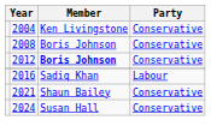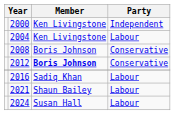 <table class="wikitable">
 <tr>
 <th colspan="2">Year</th>
 <th>Member</th>
 <th>Party</th>
 </tr>
 <tr>
 <td style="background-color: "></td>
+<td><a href='#'>2000</a></td>
+<td><a href='#'>Ken Livingstone</a></td>
+<td><a href='#'>Independent</a></td>
+</tr>
+<tr>
+<td style="background-color: "></td>
 <td><a href='#'>2004</a></td>
 <td><a href='#'>Ken Livingstone</a></td>
-<td><a href='#'>Conservative</a></td>
+<td><a href='#'>Labour</a></td>
 </tr>
 <tr>
 <td style="background-color: "></td>
 <td><a href='#'>2008</a></td>
 <td><a href='#'>Boris Johnson</a></td>
 <td><a href='#'>Conservative</a></td>
 </tr>
 <tr>
 <td style="background-color: "></td>
 <td><a href='#'>2012</a></td>
 <td><strong><a href='#'>Boris Johnson</a></strong></td>
 <td><a href='#'>Conservative</a></td>
 </tr>
 <tr>
 </tr>
 <tr>
 <td style="background-color: "></td>
 <td><a href='#'>2016</a></td>
 <td><a href='#'>Sadiq Khan</a></td>
 <td><a href='#'>Labour</a></td>
 </tr>
 <tr>
 <td style="background-color: "></td>
 <td><a href='#'>2021</a></td>
 <td><a href='#'>Shaun Bailey</a></td>
-<td><a href='#'>Conservative</a></td>
+<td><a href='#'>Labour</a></td>
 </tr>
 <tr>
 <td style="background-color: "></td>
 <td><a href='#'>2024</a></td>
 <td><a href='#'>Susan Hall</a></td>
-<td><a href='#'>Conservative</a></td>
+<td><a href='#'>Labour</a></td>
 </tr>
 </table>
